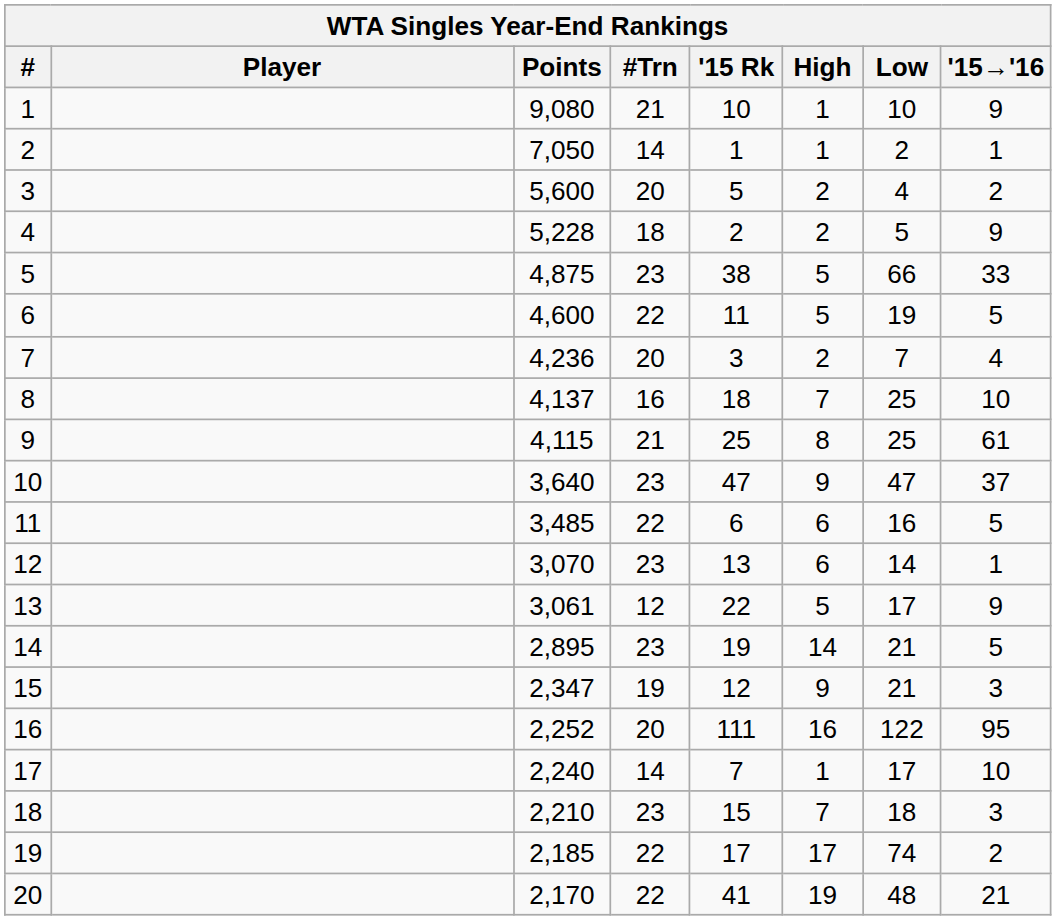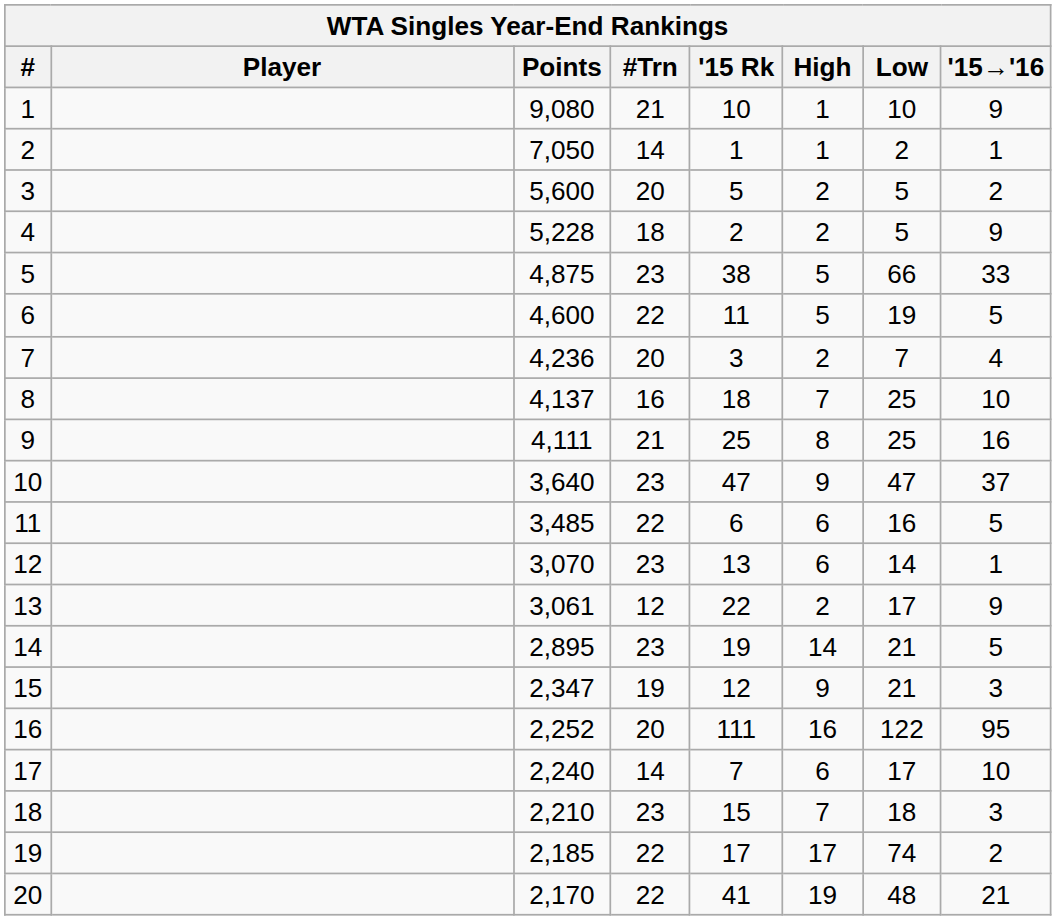 <table class="wikitable" style="font-size:95%">
 <tr>
 <th colspan="10">WTA Singles Year-End Rankings</th>
 </tr>
 <tr>
 <th style="width:20px;">#</th>
 <th style="width:290px;">Player</th>
 <th style="width:50px;">Points</th>
 <th width=40>#Trn</th>
 <th width=50>'15 Rk</th>
 <th width=40>High</th>
 <th width=40>Low</th>
 <th width=50>'15→'16</th>
 </tr>
 <tr style="text-align:center;">
 <td>1</td>
 <td style="text-align:left;"></td>
 <td>9,080</td>
 <td>21</td>
 <td>10</td>
 <td>1</td>
 <td>10</td>
 <td> 9</td>
 </tr>
 <tr style="text-align:center;">
 <td>2</td>
 <td style="text-align:left;"></td>
 <td>7,050</td>
 <td>14</td>
 <td>1</td>
 <td>1</td>
 <td>2</td>
 <td> 1</td>
 </tr>
 <tr style="text-align:center;">
 <td>3</td>
 <td style="text-align:left;"></td>
 <td>5,600</td>
 <td>20</td>
 <td>5</td>
 <td>2</td>
-<td>4</td>
+<td>5</td>
 <td> 2</td>
 </tr>
 <tr style="text-align:center;">
 <td>4</td>
 <td style="text-align:left;"></td>
 <td>5,228</td>
 <td>18</td>
 <td>2</td>
 <td>2</td>
 <td>5</td>
 <td> 9</td>
 </tr>
 <tr style="text-align:center;">
 <td>5</td>
 <td style="text-align:left;"></td>
 <td>4,875</td>
 <td>23</td>
 <td>38</td>
 <td>5</td>
 <td>66</td>
 <td> 33</td>
 </tr>
 <tr style="text-align:center;">
 <td>6</td>
 <td style="text-align:left;"></td>
 <td>4,600</td>
 <td>22</td>
 <td>11</td>
 <td>5</td>
 <td>19</td>
 <td> 5</td>
 </tr>
 <tr style="text-align:center;">
 <td>7</td>
 <td style="text-align:left;"></td>
 <td>4,236</td>
 <td>20</td>
 <td>3</td>
 <td>2</td>
 <td>7</td>
 <td> 4</td>
 </tr>
 <tr style="text-align:center;">
 <td>8</td>
 <td style="text-align:left;"></td>
 <td>4,137</td>
 <td>16</td>
 <td>18</td>
 <td>7</td>
 <td>25</td>
 <td> 10</td>
 </tr>
 <tr style="text-align:center;">
 <td>9</td>
 <td style="text-align:left;"></td>
-<td>4,115</td>
+<td>4,111</td>
 <td>21</td>
 <td>25</td>
 <td>8</td>
 <td>25</td>
-<td> 61</td>
+<td> 16</td>
 </tr>
 <tr style="text-align:center;">
 <td>10</td>
 <td style="text-align:left;"></td>
 <td>3,640</td>
 <td>23</td>
 <td>47</td>
 <td>9</td>
 <td>47</td>
 <td> 37</td>
 </tr>
 <tr style="text-align:center;">
 <td>11</td>
 <td style="text-align:left;"></td>
 <td>3,485</td>
 <td>22</td>
 <td>6</td>
 <td>6</td>
 <td>16</td>
 <td> 5</td>
 </tr>
 <tr style="text-align:center;">
 <td>12</td>
 <td style="text-align:left;"></td>
 <td>3,070</td>
 <td>23</td>
 <td>13</td>
 <td>6</td>
 <td>14</td>
 <td> 1</td>
 </tr>
 <tr style="text-align:center;">
 <td>13</td>
 <td style="text-align:left;"></td>
 <td>3,061</td>
 <td>12</td>
 <td>22</td>
-<td>5</td>
+<td>2</td>
 <td>17</td>
 <td> 9</td>
 </tr>
 <tr style="text-align:center;">
 <td>14</td>
 <td style="text-align:left;"></td>
 <td>2,895</td>
 <td>23</td>
 <td>19</td>
 <td>14</td>
 <td>21</td>
 <td> 5</td>
 </tr>
 <tr style="text-align:center;">
 <td>15</td>
 <td style="text-align:left;"></td>
 <td>2,347</td>
 <td>19</td>
 <td>12</td>
 <td>9</td>
 <td>21</td>
 <td> 3</td>
 </tr>
 <tr style="text-align:center;">
 <td>16</td>
 <td style="text-align:left;"></td>
 <td>2,252</td>
 <td>20</td>
 <td>111</td>
 <td>16</td>
 <td>122</td>
 <td> 95</td>
 </tr>
 <tr style="text-align:center;">
 <td>17</td>
 <td style="text-align:left;"></td>
 <td>2,240</td>
 <td>14</td>
 <td>7</td>
-<td>1</td>
+<td>6</td>
 <td>17</td>
 <td> 10</td>
 </tr>
 <tr style="text-align:center;">
 <td>18</td>
 <td style="text-align:left;"></td>
 <td>2,210</td>
 <td>23</td>
 <td>15</td>
 <td>7</td>
 <td>18</td>
 <td> 3</td>
 </tr>
 <tr style="text-align:center;">
 <td>19</td>
 <td style="text-align:left;"></td>
 <td>2,185</td>
 <td>22</td>
 <td>17</td>
 <td>17</td>
 <td>74</td>
 <td> 2</td>
 </tr>
 <tr style="text-align:center;">
 <td>20</td>
 <td style="text-align:left;"></td>
 <td>2,170</td>
 <td>22</td>
 <td>41</td>
 <td>19</td>
 <td>48</td>
 <td> 21</td>
 </tr>
 </table>
